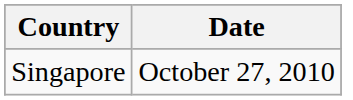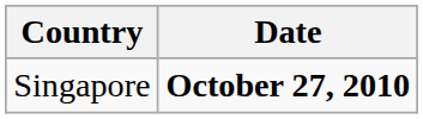 <table class="wikitable">
 <tr>
 <th>Country</th>
 <th>Date</th>
 </tr>
 <tr>
 <td>Singapore</td>
-<td>October 27, 2010</td>
+<td><strong>October 27, 2010</strong></td>
 </tr>
 </table>
